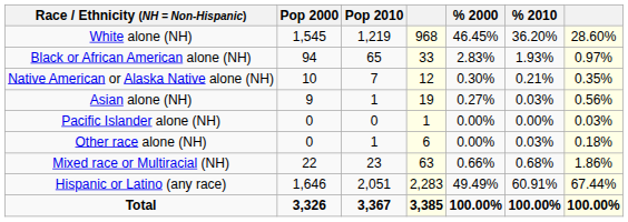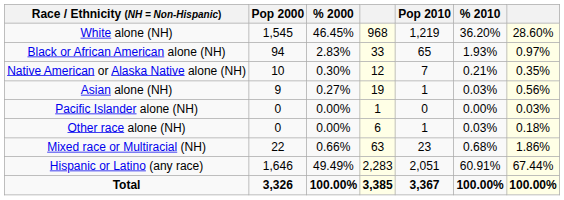 <table class="wikitable" style="text-align:center;">
 <tr>
 <th>Race / Ethnicity <small>(<em>NH = Non-Hispanic</em>)</small></th>
 <th>Pop 2000</th>
+<th>% 2000</th>
+<th></th>
 <th>Pop 2010</th>
-<th></th>
-<th>% 2000</th>
 <th>% 2010</th>
 <th></th>
 </tr>
 <tr>
 <td><a href='#'>White</a> alone (NH)</td>
 <td>1,545</td>
+<td>46.45%</td>
+<td style='background: #ffffe6;'>968</td>
 <td>1,219</td>
-<td style='background: #ffffe6;'>968</td>
-<td>46.45%</td>
 <td>36.20%</td>
 <td style='background: #ffffe6;'>28.60%</td>
 </tr>
 <tr>
 <td><a href='#'>Black or African American</a> alone (NH)</td>
 <td>94</td>
+<td>2.83%</td>
+<td style='background: #ffffe6;'>33</td>
 <td>65</td>
-<td style='background: #ffffe6;'>33</td>
-<td>2.83%</td>
 <td>1.93%</td>
 <td style='background: #ffffe6;'>0.97%</td>
 </tr>
 <tr>
 <td><a href='#'>Native American</a> or <a href='#'>Alaska Native</a> alone (NH)</td>
 <td>10</td>
+<td>0.30%</td>
+<td style='background: #ffffe6;'>12</td>
 <td>7</td>
-<td style='background: #ffffe6;'>12</td>
-<td>0.30%</td>
 <td>0.21%</td>
 <td style='background: #ffffe6;'>0.35%</td>
 </tr>
 <tr>
 <td><a href='#'>Asian</a> alone (NH)</td>
 <td>9</td>
+<td>0.27%</td>
+<td style='background: #ffffe6;'>19</td>
 <td>1</td>
-<td style='background: #ffffe6;'>19</td>
-<td>0.27%</td>
 <td>0.03%</td>
 <td style='background: #ffffe6;'>0.56%</td>
 </tr>
 <tr>
 <td><a href='#'>Pacific Islander</a> alone (NH)</td>
 <td>0</td>
+<td>0.00%</td>
+<td style='background: #ffffe6;'>1</td>
 <td>0</td>
-<td style='background: #ffffe6;'>1</td>
-<td>0.00%</td>
 <td>0.00%</td>
 <td style='background: #ffffe6;'>0.03%</td>
 </tr>
 <tr>
 <td><a href='#'>Other race</a> alone (NH)</td>
 <td>0</td>
+<td>0.00%</td>
+<td style='background: #ffffe6;'>6</td>
 <td>1</td>
-<td style='background: #ffffe6;'>6</td>
-<td>0.00%</td>
 <td>0.03%</td>
 <td style='background: #ffffe6;'>0.18%</td>
 </tr>
 <tr>
 <td><a href='#'>Mixed race or Multiracial</a> (NH)</td>
 <td>22</td>
+<td>0.66%</td>
+<td style='background: #ffffe6;'>63</td>
 <td>23</td>
-<td style='background: #ffffe6;'>63</td>
-<td>0.66%</td>
 <td>0.68%</td>
 <td style='background: #ffffe6;'>1.86%</td>
 </tr>
 <tr>
 <td><a href='#'>Hispanic or Latino</a> (any race)</td>
 <td>1,646</td>
+<td>49.49%</td>
+<td style='background: #ffffe6;'>2,283</td>
 <td>2,051</td>
-<td style='background: #ffffe6;'>2,283</td>
-<td>49.49%</td>
 <td>60.91%</td>
 <td style='background: #ffffe6;'>67.44%</td>
 </tr>
 <tr>
 <td><strong>Total</strong></td>
 <td><strong>3,326</strong></td>
+<td><strong>100.00%</strong></td>
+<td style='background: #ffffe6;'><strong>3,385</strong></td>
 <td><strong>3,367</strong></td>
-<td style='background: #ffffe6;'><strong>3,385</strong></td>
-<td><strong>100.00%</strong></td>
 <td><strong>100.00%</strong></td>
 <td style='background: #ffffe6;'><strong>100.00%</strong></td>
 </tr>
 </table>
